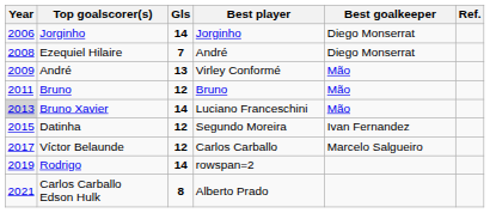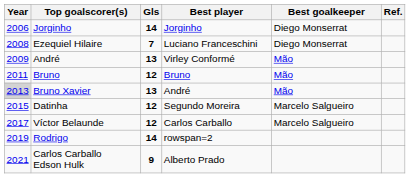 <table class="wikitable">
 <tr>
 <th>Year</th>
 <th width=170>Top goalscorer(s)</th>
 <th>Gls</th>
 <th width=170>Best player</th>
 <th width=170>Best goalkeeper</th>
 <th>Ref.</th>
 </tr>
 <tr>
 <td> <a href='#'>2006</a></td>
 <td> <a href='#'>Jorginho</a></td>
 <td align=center><strong>14</strong></td>
 <td> <a href='#'>Jorginho</a></td>
 <td> Diego Monserrat</td>
 <td></td>
 </tr>
 <tr>
 <td> <a href='#'>2008</a></td>
 <td> Ezequiel Hilaire</td>
 <td align=center><strong>7</strong></td>
-<td> André</td>
+<td> Luciano Franceschini</td>
 <td> Diego Monserrat</td>
 <td></td>
 </tr>
 <tr>
 <td> <a href='#'>2009</a></td>
 <td> André</td>
 <td align=center><strong>13</strong></td>
 <td> Virley Conformé</td>
 <td> <a href='#'>Mão</a></td>
 <td></td>
 </tr>
 <tr>
 <td> <a href='#'>2011</a></td>
 <td> <a href='#'>Bruno</a></td>
 <td align=center><strong>12</strong></td>
 <td> <a href='#'>Bruno</a></td>
 <td> <a href='#'>Mão</a></td>
 <td></td>
 </tr>
 <tr>
 <td style="background: lightgrey;"> <a href='#'>2013</a></td>
 <td> <a href='#'>Bruno Xavier</a></td>
-<td align=center><strong>14</strong></td>
-<td> Luciano Franceschini</td>
+<td align=center><strong>13</strong></td>
+<td> André</td>
 <td> <a href='#'>Mão</a></td>
 <td></td>
 </tr>
 <tr>
 <td> <a href='#'>2015</a></td>
 <td> Datinha</td>
 <td align=center><strong>12</strong></td>
 <td> Segundo Moreira</td>
-<td> Ivan Fernandez</td>
+<td> Marcelo Salgueiro</td>
 <td></td>
 </tr>
 <tr>
 <td> <a href='#'>2017</a></td>
 <td> Víctor Belaunde</td>
 <td align=center><strong>12</strong></td>
 <td> Carlos Carballo</td>
 <td> Marcelo Salgueiro</td>
 <td></td>
 </tr>
 <tr>
 <td> <a href='#'>2019</a></td>
 <td> <a href='#'>Rodrigo</a></td>
 <td align=center><strong>14</strong></td>
 <td>rowspan=2 </td>
 <td></td>
 <td></td>
 </tr>
 <tr>
 <td> <a href='#'>2021</a></td>
 <td> Carlos Carballo<br> Edson Hulk</td>
-<td align=center><strong>8</strong></td>
+<td align=center><strong>9</strong></td>
 <td> Alberto Prado</td>
 <td></td>
 </tr>
 </table>
